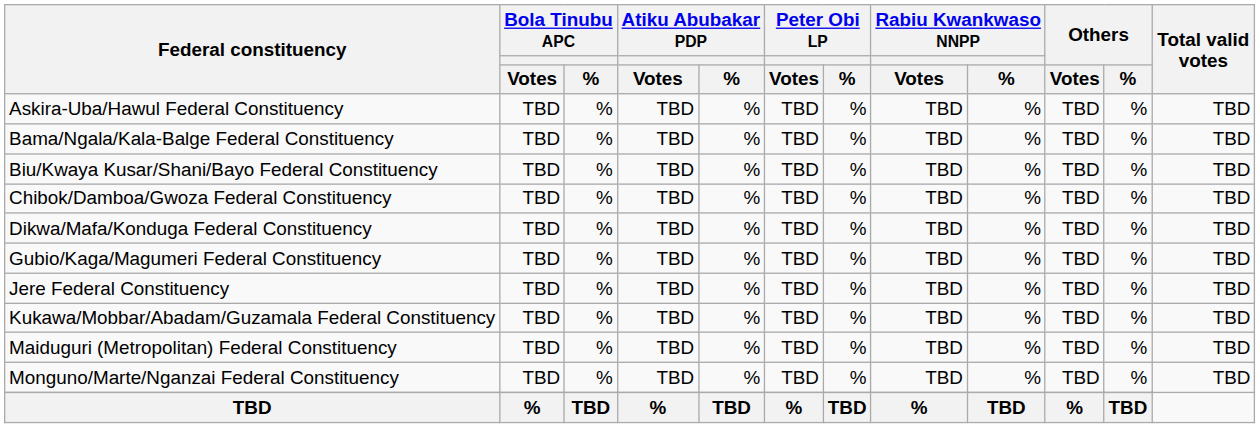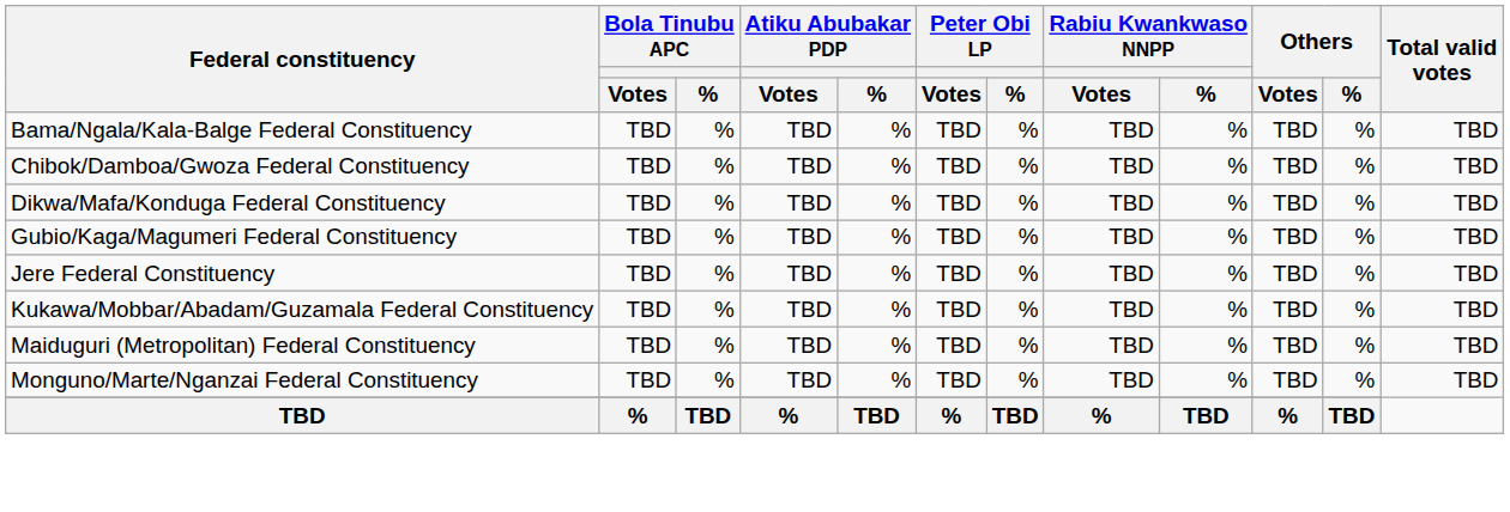 <table class="wikitable sortable" style="text-align:right; font-size:90%">
 <tr>
 <th rowspan="3" style="max-width:7.5em;">Federal constituency</th>
 <th colspan="2"><a href='#'>Bola Tinubu</a><br><small>APC</small></th>
 <th colspan="2"><a href='#'>Atiku Abubakar</a><br><small>PDP</small></th>
 <th colspan="2"><a href='#'>Peter Obi</a><br><small>LP</small></th>
 <th colspan="2"><a href='#'>Rabiu Kwankwaso</a><br><small>NNPP</small></th>
 <th colspan="2" rowspan="2">Others</th>
 <th rowspan="3" style="max-width:5em;">Total valid votes</th>
 </tr>
 <tr>
 <th colspan=2 style="background-color:"></th>
 <th colspan=2 style="background-color:"></th>
 <th colspan=2 style="background-color:"></th>
 <th colspan=2 style="background-color:"></th>
 </tr>
 <tr>
 <th>Votes</th>
 <th>%</th>
 <th>Votes</th>
 <th>%</th>
 <th>Votes</th>
 <th>%</th>
 <th>Votes</th>
 <th>%</th>
 <th>Votes</th>
 <th>%</th>
 </tr>
 <tr style="background-color:#">
-<td style="text-align:left;">Askira-Uba/Hawul Federal Constituency</td>
-<td>TBD</td>
-<td>%</td>
-<td>TBD</td>
-<td>%</td>
-<td>TBD</td>
-<td>%</td>
-<td>TBD</td>
-<td>%</td>
-<td>TBD</td>
-<td>%</td>
-<td>TBD</td>
-</tr>
-<tr style="background-color:#">
 <td style="text-align:left;">Bama/Ngala/Kala-Balge Federal Constituency</td>
-<td>TBD</td>
-<td>%</td>
-<td>TBD</td>
-<td>%</td>
-<td>TBD</td>
-<td>%</td>
-<td>TBD</td>
-<td>%</td>
-<td>TBD</td>
-<td>%</td>
-<td>TBD</td>
-</tr>
-<tr style="background-color:#">
-<td style="text-align:left;">Biu/Kwaya Kusar/Shani/Bayo Federal Constituency</td>
 <td>TBD</td>
 <td>%</td>
 <td>TBD</td>
 <td>%</td>
 <td>TBD</td>
 <td>%</td>
 <td>TBD</td>
 <td>%</td>
 <td>TBD</td>
 <td>%</td>
 <td>TBD</td>
 </tr>
 <tr style="background-color:#">
 <td style="text-align:left;">Chibok/Damboa/Gwoza Federal Constituency</td>
 <td>TBD</td>
 <td>%</td>
 <td>TBD</td>
 <td>%</td>
 <td>TBD</td>
 <td>%</td>
 <td>TBD</td>
 <td>%</td>
 <td>TBD</td>
 <td>%</td>
 <td>TBD</td>
 </tr>
 <tr style="background-color:#">
 <td style="text-align:left;">Dikwa/Mafa/Konduga Federal Constituency</td>
 <td>TBD</td>
 <td>%</td>
 <td>TBD</td>
 <td>%</td>
 <td>TBD</td>
 <td>%</td>
 <td>TBD</td>
 <td>%</td>
 <td>TBD</td>
 <td>%</td>
 <td>TBD</td>
 </tr>
 <tr style="background-color:#">
 <td style="text-align:left;">Gubio/Kaga/Magumeri Federal Constituency</td>
 <td>TBD</td>
 <td>%</td>
 <td>TBD</td>
 <td>%</td>
 <td>TBD</td>
 <td>%</td>
 <td>TBD</td>
 <td>%</td>
 <td>TBD</td>
 <td>%</td>
 <td>TBD</td>
 </tr>
 <tr style="background-color:#">
 <td style="text-align:left;">Jere Federal Constituency</td>
 <td>TBD</td>
 <td>%</td>
 <td>TBD</td>
 <td>%</td>
 <td>TBD</td>
 <td>%</td>
 <td>TBD</td>
 <td>%</td>
 <td>TBD</td>
 <td>%</td>
 <td>TBD</td>
 </tr>
 <tr style="background-color:#">
 <td style="text-align:left;">Kukawa/Mobbar/Abadam/Guzamala Federal Constituency</td>
 <td>TBD</td>
 <td>%</td>
 <td>TBD</td>
 <td>%</td>
 <td>TBD</td>
 <td>%</td>
 <td>TBD</td>
 <td>%</td>
 <td>TBD</td>
 <td>%</td>
 <td>TBD</td>
 </tr>
 <tr style="background-color:#">
 <td style="text-align:left;">Maiduguri (Metropolitan) Federal Constituency</td>
 <td>TBD</td>
 <td>%</td>
 <td>TBD</td>
 <td>%</td>
 <td>TBD</td>
 <td>%</td>
 <td>TBD</td>
 <td>%</td>
 <td>TBD</td>
 <td>%</td>
 <td>TBD</td>
 </tr>
 <tr style="background-color:#">
 <td style="text-align:left;">Monguno/Marte/Nganzai Federal Constituency</td>
 <td>TBD</td>
 <td>%</td>
 <td>TBD</td>
 <td>%</td>
 <td>TBD</td>
 <td>%</td>
 <td>TBD</td>
 <td>%</td>
 <td>TBD</td>
 <td>%</td>
 <td>TBD</td>
 </tr>
 <tr>
 </tr>
 <tr>
 <th>TBD</th>
 <th>%</th>
 <th>TBD</th>
 <th>%</th>
 <th>TBD</th>
 <th>%</th>
 <th>TBD</th>
 <th>%</th>
 <th>TBD</th>
 <th>%</th>
 <th>TBD</th>
 </tr>
 </table>
